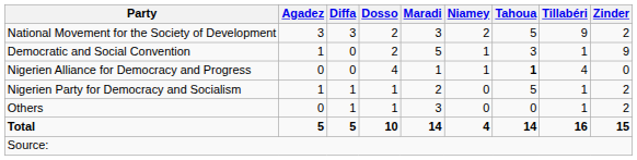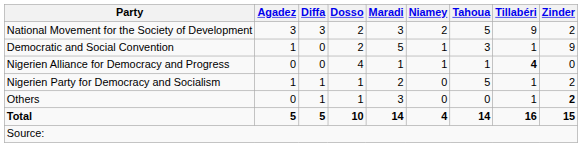 <table class=wikitable style=text-align:right>
 <tr>
 <th>Party</th>
 <th><a href='#'>Agadez</a></th>
 <th><a href='#'>Diffa</a></th>
 <th><a href='#'>Dosso</a></th>
 <th><a href='#'>Maradi</a></th>
 <th><a href='#'>Niamey</a></th>
 <th><a href='#'>Tahoua</a></th>
 <th><a href='#'>Tillabéri</a></th>
 <th><a href='#'>Zinder</a></th>
 </tr>
 <tr>
 <td align=left>National Movement for the Society of Development</td>
 <td>3</td>
 <td>3</td>
 <td>2</td>
 <td>3</td>
 <td>2</td>
 <td>5</td>
 <td>9</td>
 <td>2</td>
 </tr>
 <tr>
 <td align=left>Democratic and Social Convention</td>
 <td>1</td>
 <td>0</td>
 <td>2</td>
 <td>5</td>
 <td>1</td>
 <td>3</td>
 <td>1</td>
 <td>9</td>
 </tr>
 <tr>
 <td align=left>Nigerien Alliance for Democracy and Progress</td>
 <td>0</td>
 <td>0</td>
 <td>4</td>
 <td>1</td>
 <td>1</td>
-<td><strong>1</strong></td>
-<td>4</td>
+<td>1</td>
+<td><strong>4</strong></td>
 <td>0</td>
 </tr>
 <tr>
 <td align=left>Nigerien Party for Democracy and Socialism</td>
 <td>1</td>
 <td>1</td>
 <td>1</td>
 <td>2</td>
 <td>0</td>
 <td>5</td>
 <td>1</td>
 <td>2</td>
 </tr>
 <tr>
 <td align=left>Others</td>
 <td>0</td>
 <td>1</td>
 <td>1</td>
 <td>3</td>
 <td>0</td>
 <td>0</td>
 <td>1</td>
-<td>2</td>
+<td><strong>2</strong></td>
 </tr>
 <tr>
 <td align=left><strong>Total</strong></td>
 <td><strong>5</strong></td>
 <td><strong>5</strong></td>
 <td><strong>10</strong></td>
 <td><strong>14</strong></td>
 <td><strong>4</strong></td>
 <td><strong>14</strong></td>
 <td><strong>16</strong></td>
 <td><strong>15</strong></td>
 </tr>
 <tr>
 <td colspan=9 align=left>Source: </td>
 </tr>
 </table>
